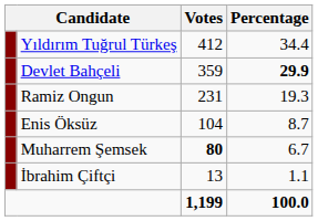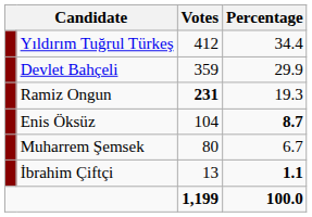 <table class=wikitable style=text-align:right>
 <tr>
 <th scope="col", colspan="2">Candidate</th>
 <th>Votes</th>
 <th>Percentage</th>
 </tr>
 <tr>
 <td style="background:#870000; width:4px; text-align:center;"></td>
 <td align=left><a href='#'>Yıldırım Tuğrul Türkeş</a></td>
 <td>412</td>
 <td>34.4</td>
 </tr>
 <tr>
 <td style="background:#870000; width:4px; text-align:center;"></td>
 <td align=left><a href='#'>Devlet Bahçeli</a></td>
 <td>359</td>
-<td><strong>29.9</strong></td>
+<td>29.9</td>
 </tr>
 <tr>
 <td style="background:#870000; width:4px; text-align:center;"></td>
 <td align=left>Ramiz Ongun</td>
-<td>231</td>
+<td><strong>231</strong></td>
 <td>19.3</td>
 </tr>
 <tr>
 <td style="background:#870000; width:4px; text-align:center;"></td>
 <td align=left>Enis Öksüz</td>
 <td>104</td>
-<td>8.7</td>
+<td><strong>8.7</strong></td>
 </tr>
 <tr>
 <td style="background:#870000; width:4px; text-align:center;"></td>
 <td align=left>Muharrem Şemsek</td>
-<td><strong>80</strong></td>
+<td>80</td>
 <td>6.7</td>
 </tr>
 <tr>
 <td style="background:#870000; width:4px; text-align:center;"></td>
 <td align=left>İbrahim Çiftçi</td>
 <td>13</td>
-<td>1.1</td>
+<td><strong>1.1</strong></td>
 </tr>
 <tr>
 <td scope="col", colspan="2"></td>
 <td><strong>1,199</strong></td>
 <td><strong>100.0</strong></td>
 </tr>
 </table>
